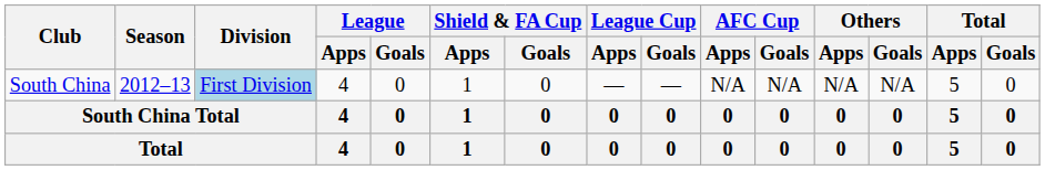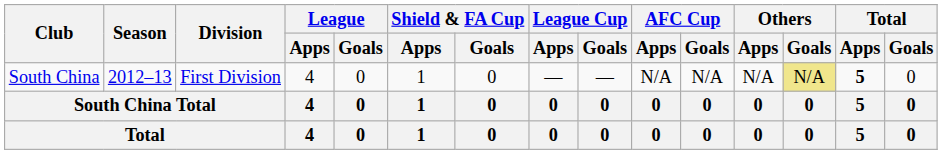 <table class="wikitable" style="text-align: center;">
 <tr>
 <th rowspan="2">Club</th>
 <th rowspan="2">Season</th>
 <th rowspan="2">Division</th>
 <th colspan="2"><a href='#'>League</a></th>
 <th colspan="2"><a href='#'>Shield</a> & <a href='#'>FA Cup</a></th>
 <th colspan="2"><a href='#'>League Cup</a></th>
 <th colspan="2"><a href='#'>AFC Cup</a></th>
 <th colspan="2">Others</th>
 <th colspan="2">Total</th>
 </tr>
 <tr>
 <th>Apps</th>
 <th>Goals</th>
 <th>Apps</th>
 <th>Goals</th>
 <th>Apps</th>
 <th>Goals</th>
 <th>Apps</th>
 <th>Goals</th>
 <th>Apps</th>
 <th>Goals</th>
 <th>Apps</th>
 <th>Goals</th>
 </tr>
 <tr>
 <td rowspan="1" valign="center"><a href='#'>South China</a></td>
 <td><a href='#'>2012–13</a></td>
-<td style="background: lightblue;"><a href='#'>First Division</a></td>
+<td><a href='#'>First Division</a></td>
 <td>4</td>
 <td>0</td>
 <td>1</td>
 <td>0</td>
 <td>—</td>
 <td>—</td>
 <td>N/A</td>
 <td>N/A</td>
 <td>N/A</td>
-<td>N/A</td>
-<td>5</td>
+<td style="background: khaki;">N/A</td>
+<td><strong>5</strong></td>
 <td>0</td>
 </tr>
 <tr>
 <th colspan="3">South China Total</th>
 <th>4</th>
 <th>0</th>
 <th>1</th>
 <th>0</th>
 <th>0</th>
 <th>0</th>
 <th>0</th>
 <th>0</th>
 <th>0</th>
 <th>0</th>
 <th>5</th>
 <th>0</th>
 </tr>
 <tr>
 <th colspan="3">Total</th>
 <th>4</th>
 <th>0</th>
 <th>1</th>
 <th>0</th>
 <th>0</th>
 <th>0</th>
 <th>0</th>
 <th>0</th>
 <th>0</th>
 <th>0</th>
 <th>5</th>
 <th>0</th>
 </tr>
 </table>
